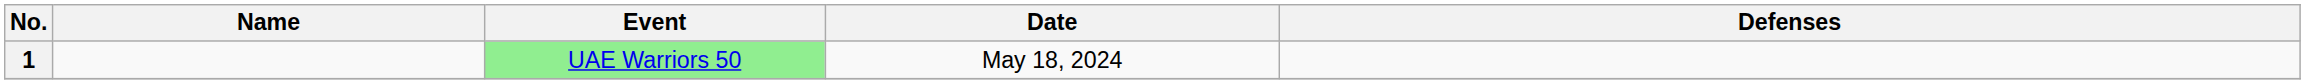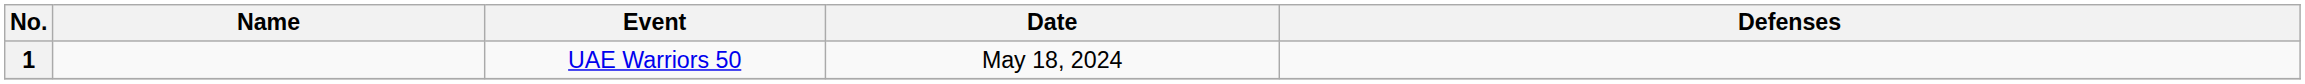 <table class="wikitable" width=100%>
 <tr>
 <th width=1%>No.</th>
 <th width=19%>Name</th>
 <th width=15%>Event</th>
 <th width=20%>Date</th>
 <th width=45%>Defenses</th>
 </tr>
 <tr>
 <th>1</th>
 <td align=left><br></td>
-<td align=center style="background: lightgreen;"><a href='#'>UAE Warriors 50</a> <br></td>
+<td align=center><a href='#'>UAE Warriors 50</a> <br></td>
 <td align=center>May 18, 2024</td>
 <td></td>
 </tr>
 <tr>
 </tr>
 </table>
